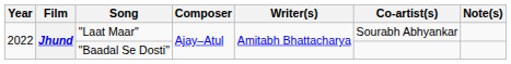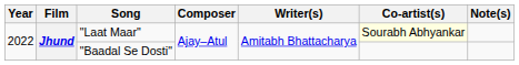 <table class="wikitable">
 <tr>
 <th>Year</th>
 <th>Film</th>
 <th>Song</th>
 <th>Composer</th>
 <th>Writer(s)</th>
 <th>Co-artist(s)</th>
 <th>Note(s)</th>
 </tr>
 <tr>
 <td rowspan="2">2022</td>
 <th rowspan="2"><a href='#'><em>Jhund</em></a></th>
 <td>"Laat Maar"</td>
 <td rowspan="2"><a href='#'>Ajay–Atul</a></td>
 <td rowspan="2"><a href='#'>Amitabh Bhattacharya</a></td>
-<td>Sourabh Abhyankar</td>
+<td style="background: lightyellow;">Sourabh Abhyankar</td>
 <td></td>
 </tr>
 <tr>
 <td>"Baadal Se Dosti"</td>
 <td></td>
 <td></td>
 </tr>
 </table>
